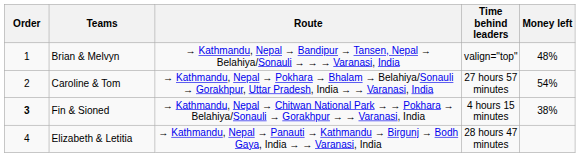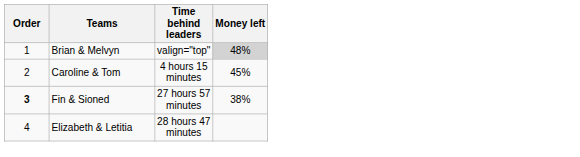 <table class="wikitable sortable" style="text-align:center">
 <tr>
 <th style="width:4em">Order</th>
 <th style="width:10em">Teams</th>
-<th style="width:30em">Route</th>
 <th style="width:5em">Time behind leaders</th>
 <th style="width:5em">Money left</th>
 </tr>
 <tr>
 <td>1</td>
 <td style="text-align:left">Brian & Melvyn</td>
-<td> → <a href='#'>Kathmandu</a>, <a href='#'>Nepal</a>  → <a href='#'>Bandipur</a>   → <a href='#'>Tansen, Nepal</a>  → Belahiya/<a href='#'>Sonauli</a> → →  →  <a href='#'>Varanasi</a>, <a href='#'>India</a></td>
 <td>valign="top" </td>
-<td>48%</td>
+<td style="background: lightgrey;">48%</td>
 </tr>
 <tr>
 <td>2</td>
 <td style="text-align:left">Caroline & Tom</td>
-<td> → <a href='#'>Kathmandu</a>, <a href='#'>Nepal</a>  →  <a href='#'>Pokhara</a> → <a href='#'>Bhalam</a>   → Belahiya/<a href='#'>Sonauli</a>  → <a href='#'>Gorakhpur</a>, <a href='#'>Uttar Pradesh</a>, India  →  → <a href='#'>Varanasi</a>, <a href='#'>India</a></td>
-<td>27 hours 57 minutes</td>
-<td>54%</td>
+<td>4 hours 15 minutes</td>
+<td>45%</td>
 </tr>
 <tr>
 <td><strong>3</strong></td>
 <td style="text-align:left">Fin & Sioned</td>
-<td> → <a href='#'>Kathmandu</a>, <a href='#'>Nepal</a>  →  <a href='#'>Chitwan National Park</a>  → →  <a href='#'>Pokhara</a>   → Belahiya/<a href='#'>Sonauli</a>  → <a href='#'>Gorakhpur</a> →    → <a href='#'>Varanasi</a>, India</td>
-<td>4 hours 15 minutes</td>
+<td>27 hours 57 minutes</td>
 <td>38%</td>
 </tr>
 <tr>
 <td>4</td>
 <td style="text-align:left">Elizabeth & Letitia</td>
-<td> → <a href='#'>Kathmandu</a>, <a href='#'>Nepal</a>  → <a href='#'>Panauti</a>   → <a href='#'>Kathmandu</a>  → <a href='#'>Birgunj</a> → <a href='#'>Bodh Gaya</a>, India   →   →  <a href='#'>Varanasi</a>, India</td>
 <td>28 hours 47 minutes</td>
 <td></td>
 </tr>
 </table>
